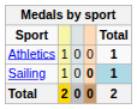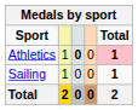 <table class="wikitable" style="text-align:center;font-size:90%">
 <tr style="background:#efefef;">
 <th colspan=7>Medals by sport</th>
 </tr>
 <tr>
 <td><strong>Sport</strong></td>
 <td bgcolor=#f7f6a8></td>
 <td bgcolor=#dce5e5></td>
 <td bgcolor=#ffdab9></td>
 <td><strong>Total</strong></td>
 </tr>
 <tr>
 <td style="text-align:left;"><a href='#'>Athletics</a></td>
 <td style="background:#F7F6A8;">1</td>
-<td style="background:#DCE5E5;">0</td>
+<td style="background:#DCE5E5;"><strong>0</strong></td>
 <td style="background:#FFDAB9;">0</td>
-<td><strong>1</strong></td>
+<td style="background: pink;"><strong>1</strong></td>
 </tr>
 <tr>
 <td style="text-align:left;"><a href='#'>Sailing</a></td>
 <td style="background:#F7F6A8;">1</td>
 <td style="background:#DCE5E5;">0</td>
-<td style="background:#FFDAB9;"><strong>0</strong></td>
-<td style="background: lightblue;"><strong>1</strong></td>
+<td style="background:#FFDAB9;">0</td>
+<td><strong>1</strong></td>
 </tr>
 <tr>
 <th style="text-align:left;">Total</th>
 <th style="background:gold;">2</th>
 <th style="background:silver;">0</th>
 <th style="background:#c96;">0</th>
 <th>2</th>
 </tr>
 </table>
